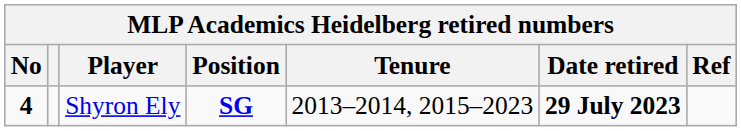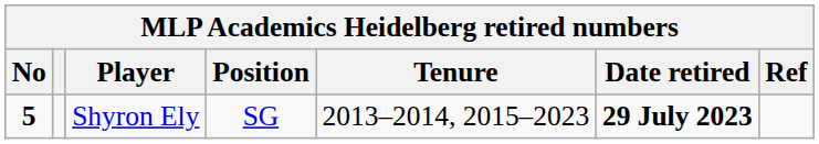 <table class="wikitable" style="text-align:center">
 <tr>
 <th colspan="7">MLP Academics Heidelberg retired numbers</th>
 </tr>
 <tr>
 <th>No</th>
 <th></th>
 <th>Player</th>
 <th>Position</th>
 <th>Tenure</th>
 <th>Date retired</th>
 <th>Ref</th>
 </tr>
 <tr>
-<td><strong>4</strong></td>
+<td><strong>5</strong></td>
 <td></td>
 <td><a href='#'>Shyron Ely</a></td>
-<td><strong><a href='#'>SG</a></strong></td>
+<td><a href='#'>SG</a></td>
 <td>2013–2014, 2015–2023</td>
 <td><strong>29 July 2023</strong></td>
 <td></td>
 </tr>
 </table>
